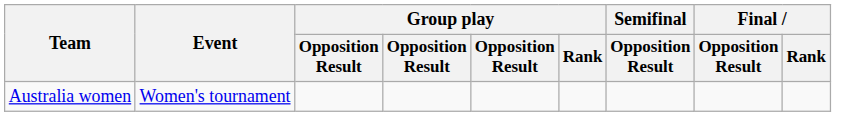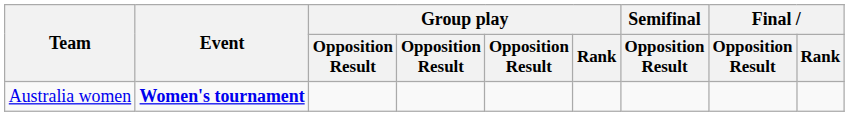 <table class=wikitable style=font-size:90%;text-align:center>
 <tr>
 <th rowspan=2>Team</th>
 <th rowspan=2>Event</th>
 <th colspan=4>Group play</th>
 <th>Semifinal</th>
 <th colspan=2>Final / </th>
 </tr>
 <tr style=font-size:95%>
 <th>Opposition<br>Result</th>
 <th>Opposition<br>Result</th>
 <th>Opposition<br>Result</th>
 <th>Rank</th>
 <th>Opposition<br>Result</th>
 <th>Opposition<br>Result</th>
 <th>Rank</th>
 </tr>
 <tr>
 <td align=left><a href='#'>Australia women</a></td>
-<td align=left><a href='#'>Women's tournament</a></td>
+<td align=left><strong><a href='#'>Women's tournament</a></strong></td>
 <td></td>
 <td></td>
 <td></td>
 <td></td>
 <td></td>
 <td></td>
 <td></td>
 </tr>
 </table>
